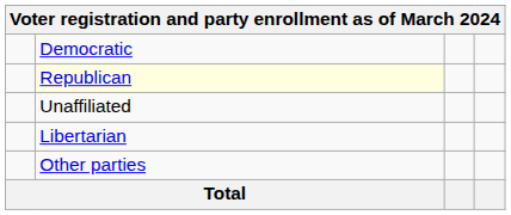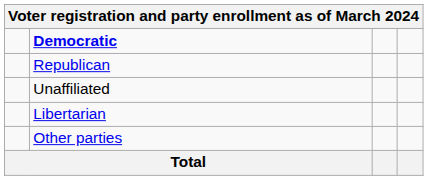 <table class=wikitable>
 <tr>
 <th colspan = 6>Voter registration and party enrollment as of March 2024</th>
 </tr>
 <tr>
 <td></td>
-<td><a href='#'>Democratic</a></td>
+<td><strong><a href='#'>Democratic</a></strong></td>
 <td align = center></td>
 <td align = center></td>
 </tr>
 <tr>
 <td></td>
-<td style="background: lightyellow;"><a href='#'>Republican</a></td>
+<td><a href='#'>Republican</a></td>
 <td align = center></td>
 <td align = center></td>
 </tr>
 <tr>
 <td></td>
 <td>Unaffiliated</td>
 <td align = center></td>
 <td align = center></td>
 </tr>
 <tr>
 <td></td>
 <td><a href='#'>Libertarian</a></td>
 <td align = center></td>
 <td align = center></td>
 </tr>
 <tr>
 <td></td>
 <td><a href='#'>Other parties</a></td>
 <td align = center></td>
 <td align = center></td>
 </tr>
 <tr>
 <th colspan = 2>Total</th>
 <th align = center></th>
 <th align = center></th>
 </tr>
 </table>
